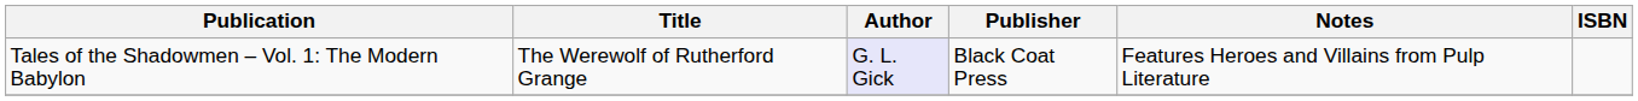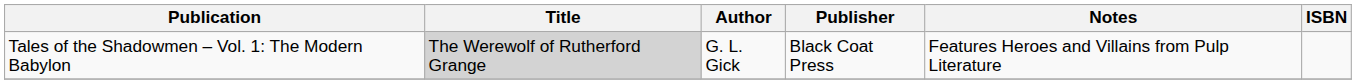 <table class="wikitable">
 <tr>
 <th>Publication</th>
 <th>Title</th>
 <th>Author</th>
 <th>Publisher</th>
 <th>Notes</th>
 <th>ISBN</th>
 </tr>
 <tr>
 <td>Tales of the Shadowmen – Vol. 1: The Modern Babylon</td>
-<td>The Werewolf of Rutherford Grange</td>
-<td style="background: lavender;">G. L. Gick</td>
+<td style="background: lightgrey;">The Werewolf of Rutherford Grange</td>
+<td>G. L. Gick</td>
 <td>Black Coat Press</td>
 <td>Features Heroes and Villains from Pulp Literature</td>
 <td></td>
 </tr>
 <tr>
 </tr>
 </table>
